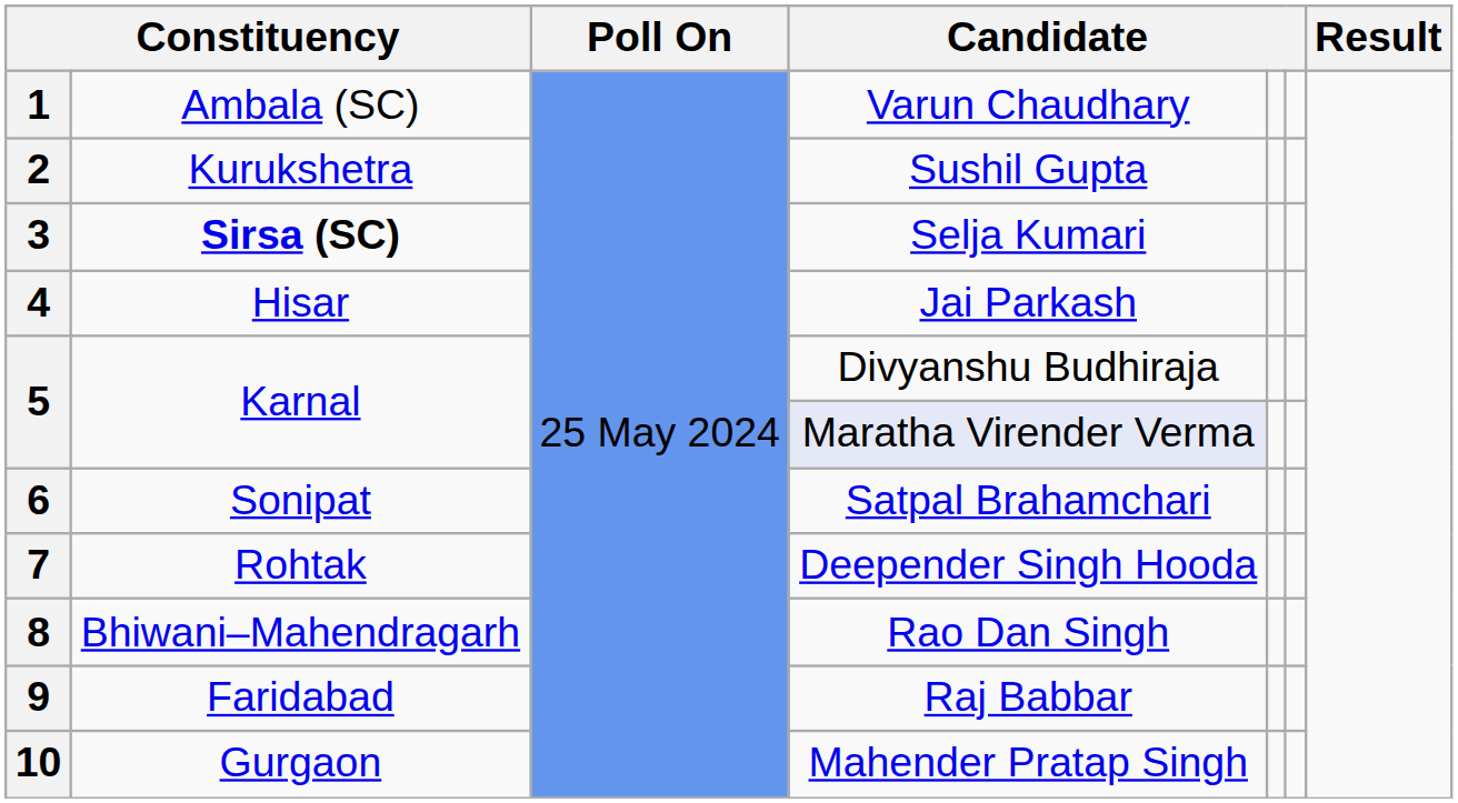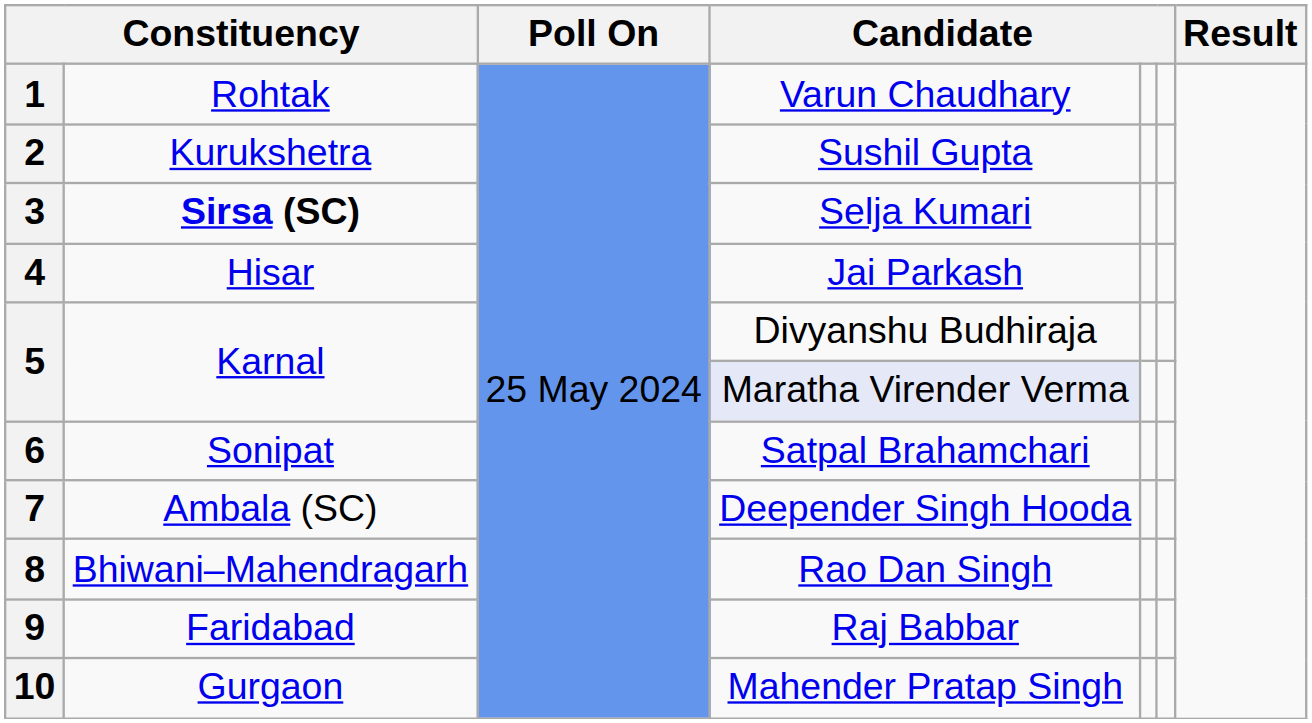 <table class="wikitable sortable" style="text-align:center;">
 <tr>
 <th colspan="2">Constituency</th>
 <th>Poll On</th>
 <th colspan="3">Candidate</th>
 <th>Result</th>
 </tr>
 <tr>
 <th>1</th>
-<td><a href='#'>Ambala</a> (SC)</td>
+<td><a href='#'>Rohtak</a></td>
 <td rowspan="11" bgcolor="#6495ED">25 May 2024</td>
 <td><a href='#'>Varun Chaudhary</a></td>
 <td></td>
 <td></td>
 </tr>
 <tr>
 <th>2</th>
 <td><a href='#'>Kurukshetra</a></td>
 <td><a href='#'>Sushil Gupta</a></td>
 <td></td>
 <td></td>
 </tr>
 <tr>
 <th>3</th>
 <td><strong><a href='#'>Sirsa</a> (SC)</strong></td>
 <td><a href='#'>Selja Kumari</a></td>
 <td></td>
 <td></td>
 </tr>
 <tr>
 <th>4</th>
 <td><a href='#'>Hisar</a></td>
 <td><a href='#'>Jai Parkash</a></td>
 <td></td>
 <td></td>
 </tr>
 <tr>
 <th rowspan="2">5</th>
 <td rowspan="2"><a href='#'>Karnal</a></td>
 <td>Divyanshu Budhiraja</td>
 <td></td>
 <td></td>
 </tr>
 <tr>
 <td bgcolor=#e5e9f7>Maratha Virender Verma</td>
 <td></td>
 <td></td>
 </tr>
 <tr>
 <th>6</th>
 <td><a href='#'>Sonipat</a></td>
 <td><a href='#'>Satpal Brahamchari</a></td>
 <td></td>
 <td></td>
 </tr>
 <tr>
 <th>7</th>
-<td><a href='#'>Rohtak</a></td>
+<td><a href='#'>Ambala</a> (SC)</td>
 <td><a href='#'>Deepender Singh Hooda</a></td>
 <td></td>
 <td></td>
 </tr>
 <tr>
 <th>8</th>
 <td><a href='#'>Bhiwani–Mahendragarh</a></td>
 <td><a href='#'>Rao Dan Singh</a></td>
 <td></td>
 <td></td>
 </tr>
 <tr>
 <th>9</th>
 <td><a href='#'>Faridabad</a></td>
 <td><a href='#'>Raj Babbar</a></td>
 <td></td>
 <td></td>
 </tr>
 <tr>
 <th>10</th>
 <td><a href='#'>Gurgaon</a></td>
 <td><a href='#'>Mahender Pratap Singh</a></td>
 <td></td>
 <td></td>
 </tr>
 <tr>
 </tr>
 </table>
